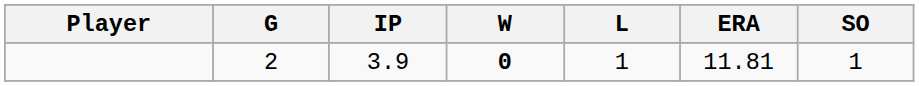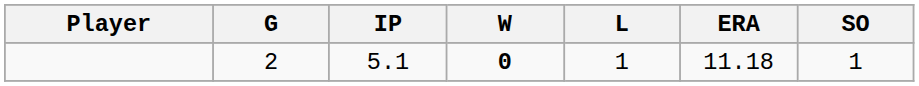 <table class="wikitable sortable">
 <tr>
 <th bgcolor="#DDDDFF" width="16%">Player</th>
 <th bgcolor="#DDDDFF" width="9%">G</th>
 <th bgcolor="#DDDDFF" width="9%">IP</th>
 <th bgcolor="#DDDDFF" width="9%">W</th>
 <th bgcolor="#DDDDFF" width="9%">L</th>
 <th bgcolor="#DDDDFF" width="9%">ERA</th>
 <th bgcolor="#DDDDFF" width="9%">SO</th>
 </tr>
 <tr align="center">
 <td></td>
 <td>2</td>
-<td>3.9</td>
+<td>5.1</td>
 <td><strong>0</strong></td>
 <td>1</td>
-<td>11.81</td>
+<td>11.18</td>
 <td>1</td>
 </tr>
 </table>
